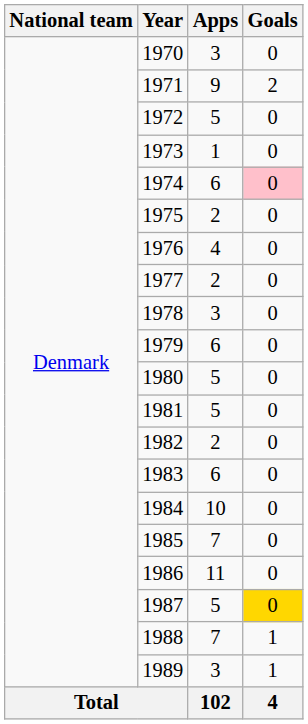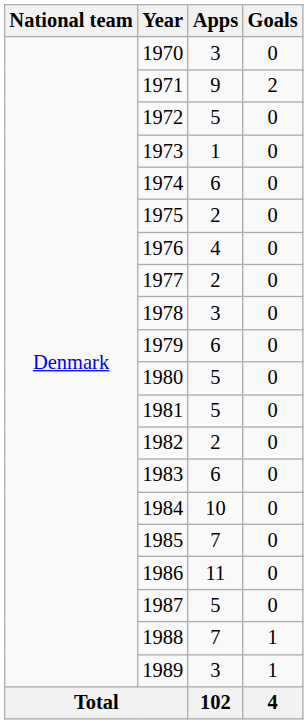 <table class="wikitable" style="text-align:center">
 <tr>
 <th>National team</th>
 <th>Year</th>
 <th>Apps</th>
 <th>Goals</th>
 </tr>
 <tr>
 <td rowspan="20"><a href='#'>Denmark</a></td>
 <td>1970</td>
 <td>3</td>
 <td>0</td>
 </tr>
 <tr>
 <td>1971</td>
 <td>9</td>
 <td>2</td>
 </tr>
 <tr>
 <td>1972</td>
 <td>5</td>
 <td>0</td>
 </tr>
 <tr>
 <td>1973</td>
 <td>1</td>
 <td>0</td>
 </tr>
 <tr>
 <td>1974</td>
 <td>6</td>
-<td style="background: pink;">0</td>
+<td>0</td>
 </tr>
 <tr>
 <td>1975</td>
 <td>2</td>
 <td>0</td>
 </tr>
 <tr>
 <td>1976</td>
 <td>4</td>
 <td>0</td>
 </tr>
 <tr>
 <td>1977</td>
 <td>2</td>
 <td>0</td>
 </tr>
 <tr>
 <td>1978</td>
 <td>3</td>
 <td>0</td>
 </tr>
 <tr>
 <td>1979</td>
 <td>6</td>
 <td>0</td>
 </tr>
 <tr>
 <td>1980</td>
 <td>5</td>
 <td>0</td>
 </tr>
 <tr>
 <td>1981</td>
 <td>5</td>
 <td>0</td>
 </tr>
 <tr>
 <td>1982</td>
 <td>2</td>
 <td>0</td>
 </tr>
 <tr>
 <td>1983</td>
 <td>6</td>
 <td>0</td>
 </tr>
 <tr>
 <td>1984</td>
 <td>10</td>
 <td>0</td>
 </tr>
 <tr>
 <td>1985</td>
 <td>7</td>
 <td>0</td>
 </tr>
 <tr>
 <td>1986</td>
 <td>11</td>
 <td>0</td>
 </tr>
 <tr>
 <td>1987</td>
 <td>5</td>
-<td style="background: gold;">0</td>
+<td>0</td>
 </tr>
 <tr>
 <td>1988</td>
 <td>7</td>
 <td>1</td>
 </tr>
 <tr>
 <td>1989</td>
 <td>3</td>
 <td>1</td>
 </tr>
 <tr>
 <th colspan="2">Total</th>
 <th>102</th>
 <th>4</th>
 </tr>
 </table>
